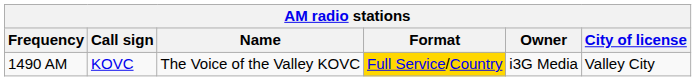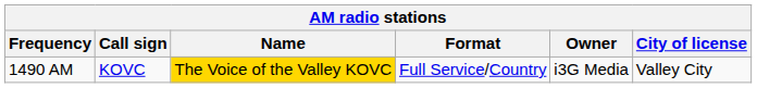 <table class="wikitable">
 <tr>
 <th align="center" colspan="6"><strong><a href='#'>AM radio</a> stations</strong></th>
 </tr>
 <tr>
 <th>Frequency</th>
 <th>Call sign</th>
 <th>Name</th>
 <th>Format</th>
 <th>Owner</th>
 <th><a href='#'>City of license</a></th>
 </tr>
 <tr>
 <td>1490 AM</td>
 <td><a href='#'>KOVC</a></td>
-<td>The Voice of the Valley KOVC</td>
-<td style="background: gold;"><a href='#'>Full Service</a>/<a href='#'>Country</a></td>
+<td style="background: gold;">The Voice of the Valley KOVC</td>
+<td><a href='#'>Full Service</a>/<a href='#'>Country</a></td>
 <td>i3G Media</td>
 <td>Valley City</td>
 </tr>
 </table>
